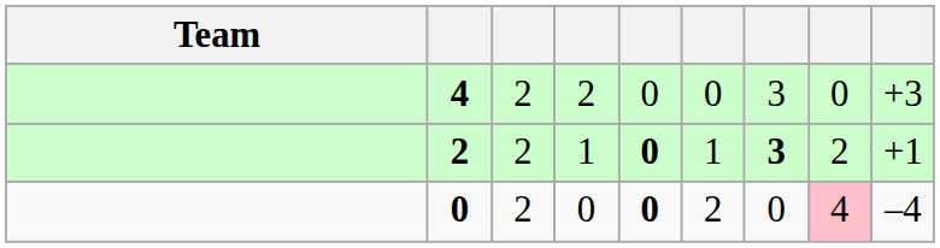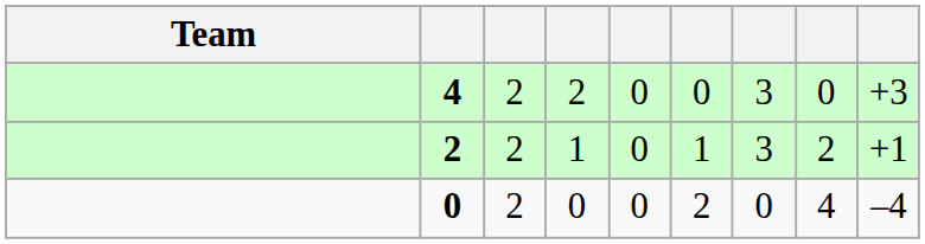 <table class="wikitable" style="text-align:center">
 <tr>
 <th width="175">Team</th>
 <th width="20"></th>
 <th width="20"></th>
 <th width="20"></th>
 <th width="20"></th>
 <th width="20"></th>
 <th width="20"></th>
 <th width="20"></th>
 <th width="20"></th>
 </tr>
 <tr bgcolor=#CCFFCC>
 <td align=left></td>
 <td><strong>4</strong></td>
 <td>2</td>
 <td>2</td>
 <td>0</td>
 <td>0</td>
 <td>3</td>
 <td>0</td>
 <td>+3</td>
 </tr>
 <tr bgcolor=#CCFFCC>
 <td align=left></td>
 <td><strong>2</strong></td>
 <td>2</td>
 <td>1</td>
-<td><strong>0</strong></td>
+<td>0</td>
 <td>1</td>
-<td><strong>3</strong></td>
+<td>3</td>
 <td>2</td>
 <td>+1</td>
 </tr>
 <tr>
 <td align=left></td>
 <td><strong>0</strong></td>
 <td>2</td>
 <td>0</td>
-<td><strong>0</strong></td>
+<td>0</td>
 <td>2</td>
 <td>0</td>
-<td style="background: pink;">4</td>
+<td>4</td>
 <td>–4</td>
 </tr>
 </table>
